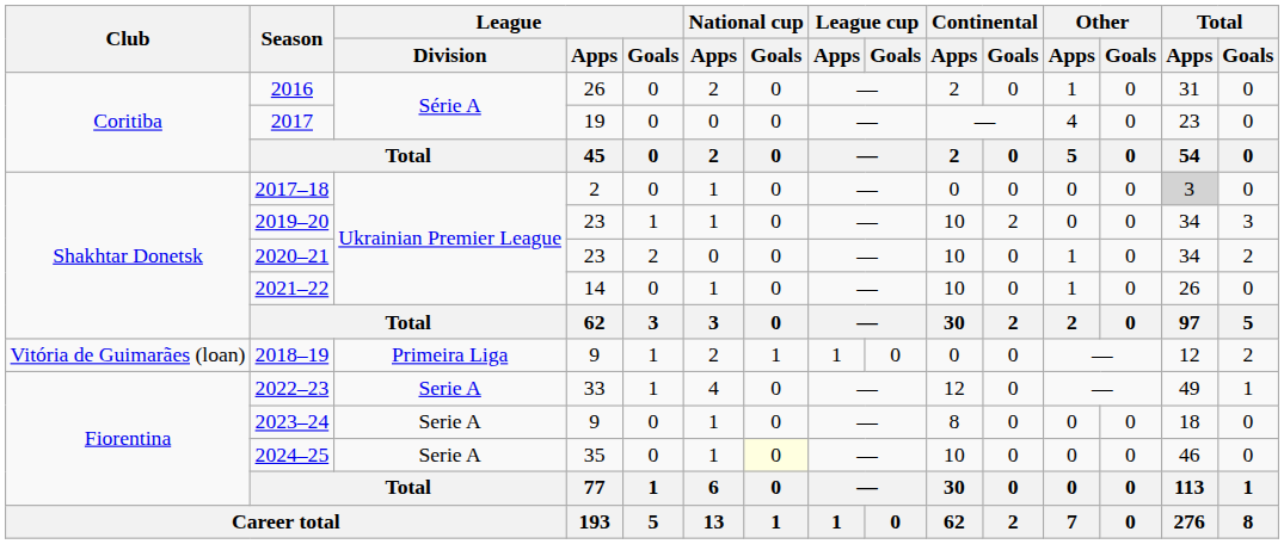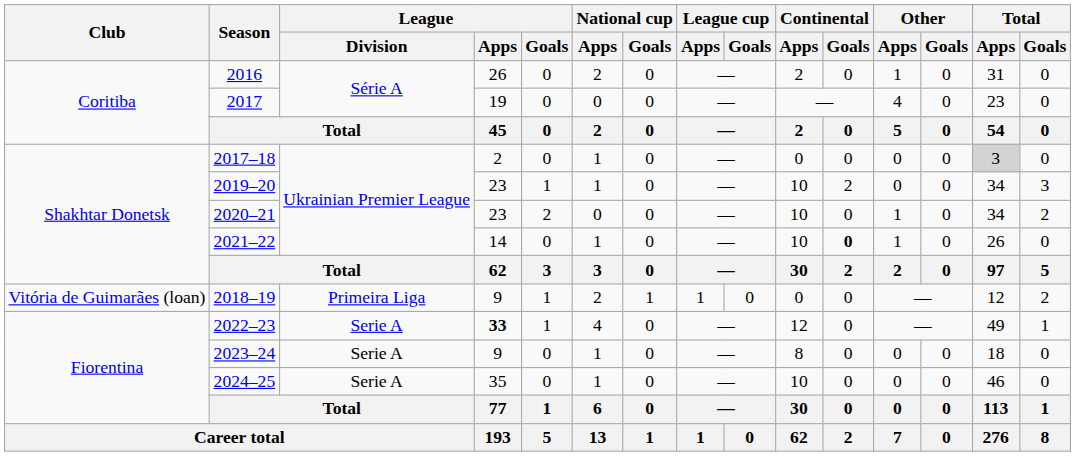 <table class="wikitable" style="text-align:center">
 <tr>
 <th rowspan="2">Club</th>
 <th rowspan="2">Season</th>
 <th colspan="3">League</th>
 <th colspan="2">National cup</th>
 <th colspan="2">League cup</th>
 <th colspan="2">Continental</th>
 <th colspan="2">Other</th>
 <th colspan="2">Total</th>
 </tr>
 <tr>
 <th>Division</th>
 <th>Apps</th>
 <th>Goals</th>
 <th>Apps</th>
 <th>Goals</th>
 <th>Apps</th>
 <th>Goals</th>
 <th>Apps</th>
 <th>Goals</th>
 <th>Apps</th>
 <th>Goals</th>
 <th>Apps</th>
 <th>Goals</th>
 </tr>
 <tr>
 <td rowspan="3"><a href='#'>Coritiba</a></td>
 <td><a href='#'>2016</a></td>
 <td rowspan="2"><a href='#'>Série A</a></td>
 <td>26</td>
 <td>0</td>
 <td>2</td>
 <td>0</td>
 <td colspan="2">—</td>
 <td>2</td>
 <td>0</td>
 <td>1</td>
 <td>0</td>
 <td>31</td>
 <td>0</td>
 </tr>
 <tr>
 <td><a href='#'>2017</a></td>
 <td>19</td>
 <td>0</td>
 <td>0</td>
 <td>0</td>
 <td colspan="2">—</td>
 <td colspan="2">—</td>
 <td>4</td>
 <td>0</td>
 <td>23</td>
 <td>0</td>
 </tr>
 <tr>
 <th colspan="2">Total</th>
 <th>45</th>
 <th>0</th>
 <th>2</th>
 <th>0</th>
 <th colspan="2">—</th>
 <th>2</th>
 <th>0</th>
 <th>5</th>
 <th>0</th>
 <th>54</th>
 <th>0</th>
 </tr>
 <tr>
 <td rowspan="5"><a href='#'>Shakhtar Donetsk</a></td>
 <td><a href='#'>2017–18</a></td>
 <td rowspan="4"><a href='#'>Ukrainian Premier League</a></td>
 <td>2</td>
 <td>0</td>
 <td>1</td>
 <td>0</td>
 <td colspan="2">—</td>
 <td>0</td>
 <td>0</td>
 <td>0</td>
 <td>0</td>
 <td style="background: lightgrey;">3</td>
 <td>0</td>
 </tr>
 <tr>
 <td><a href='#'>2019–20</a></td>
 <td>23</td>
 <td>1</td>
 <td>1</td>
 <td>0</td>
 <td colspan="2">—</td>
 <td>10</td>
 <td>2</td>
 <td>0</td>
 <td>0</td>
 <td>34</td>
 <td>3</td>
 </tr>
 <tr>
 <td><a href='#'>2020–21</a></td>
 <td>23</td>
 <td>2</td>
 <td>0</td>
 <td>0</td>
 <td colspan="2">—</td>
 <td>10</td>
 <td>0</td>
 <td>1</td>
 <td>0</td>
 <td>34</td>
 <td>2</td>
 </tr>
 <tr>
 <td><a href='#'>2021–22</a></td>
 <td>14</td>
 <td>0</td>
 <td>1</td>
 <td>0</td>
 <td colspan="2">—</td>
 <td>10</td>
-<td>0</td>
+<td><strong>0</strong></td>
 <td>1</td>
 <td>0</td>
 <td>26</td>
 <td>0</td>
 </tr>
 <tr>
 <th colspan="2">Total</th>
 <th>62</th>
 <th>3</th>
 <th>3</th>
 <th>0</th>
 <th colspan="2">—</th>
 <th>30</th>
 <th>2</th>
 <th>2</th>
 <th>0</th>
 <th>97</th>
 <th>5</th>
 </tr>
 <tr>
 <td><a href='#'>Vitória de Guimarães</a> (loan)</td>
 <td><a href='#'>2018–19</a></td>
 <td><a href='#'>Primeira Liga</a></td>
 <td>9</td>
 <td>1</td>
 <td>2</td>
 <td>1</td>
 <td>1</td>
 <td>0</td>
 <td>0</td>
 <td>0</td>
 <td colspan="2">—</td>
 <td>12</td>
 <td>2</td>
 </tr>
 <tr>
 <td rowspan="4"><a href='#'>Fiorentina</a></td>
 <td><a href='#'>2022–23</a></td>
 <td><a href='#'>Serie A</a></td>
-<td>33</td>
+<td><strong>33</strong></td>
 <td>1</td>
 <td>4</td>
 <td>0</td>
 <td colspan="2">—</td>
 <td>12</td>
 <td>0</td>
 <td colspan="2">—</td>
 <td>49</td>
 <td>1</td>
 </tr>
 <tr>
 <td><a href='#'>2023–24</a></td>
 <td>Serie A</td>
 <td>9</td>
 <td>0</td>
 <td>1</td>
 <td>0</td>
 <td colspan="2">—</td>
 <td>8</td>
 <td>0</td>
 <td>0</td>
 <td>0</td>
 <td>18</td>
 <td>0</td>
 </tr>
 <tr>
 <td><a href='#'>2024–25</a></td>
 <td>Serie A</td>
 <td>35</td>
 <td>0</td>
 <td>1</td>
-<td style="background: lightyellow;">0</td>
+<td>0</td>
 <td colspan="2">—</td>
 <td>10</td>
 <td>0</td>
 <td>0</td>
 <td>0</td>
 <td>46</td>
 <td>0</td>
 </tr>
 <tr>
 <th colspan="2">Total</th>
 <th>77</th>
 <th>1</th>
 <th>6</th>
 <th>0</th>
 <th colspan="2">—</th>
 <th>30</th>
 <th>0</th>
 <th>0</th>
 <th>0</th>
 <th>113</th>
 <th>1</th>
 </tr>
 <tr>
 <th colspan="3">Career total</th>
 <th>193</th>
 <th>5</th>
 <th>13</th>
 <th>1</th>
 <th>1</th>
 <th>0</th>
 <th>62</th>
 <th>2</th>
 <th>7</th>
 <th>0</th>
 <th>276</th>
 <th>8</th>
 </tr>
 </table>
